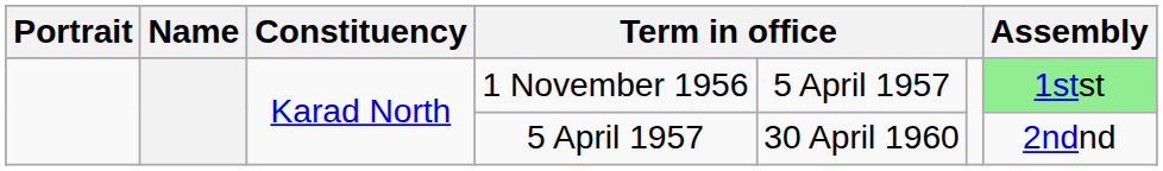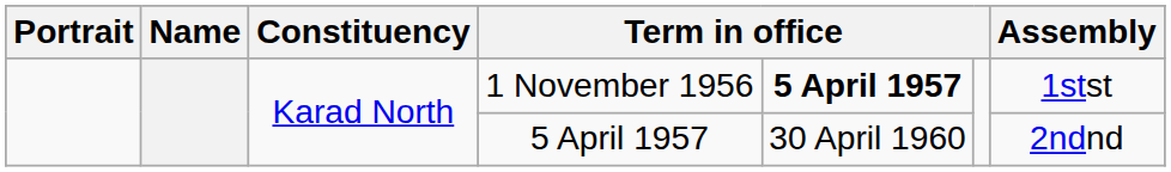 <table class="wikitable" style="text-align:center">
 <tr align=center>
 <th scope="col">Portrait</th>
 <th scope="col">Name</th>
 <th scope="col">Constituency</th>
 <th colspan="3" scope="colgroup">Term in office</th>
 <th scope="col">Assembly</th>
 </tr>
 <tr align=center>
 <td rowspan="2"></td>
 <th scope="row" rowspan="2"></th>
 <td rowspan ="2"><a href='#'>Karad North</a></td>
 <td>1 November 1956</td>
-<td>5 April 1957</td>
+<td><strong>5 April 1957</strong></td>
 <td rowspan ="2"></td>
-<td style="background: lightgreen;"><a href='#'>1st</a>st</td>
+<td><a href='#'>1st</a>st</td>
 </tr>
 <tr align=center>
 <td>5 April 1957</td>
 <td>30 April 1960</td>
 <td><a href='#'>2nd</a>nd</td>
 </tr>
 </table>
